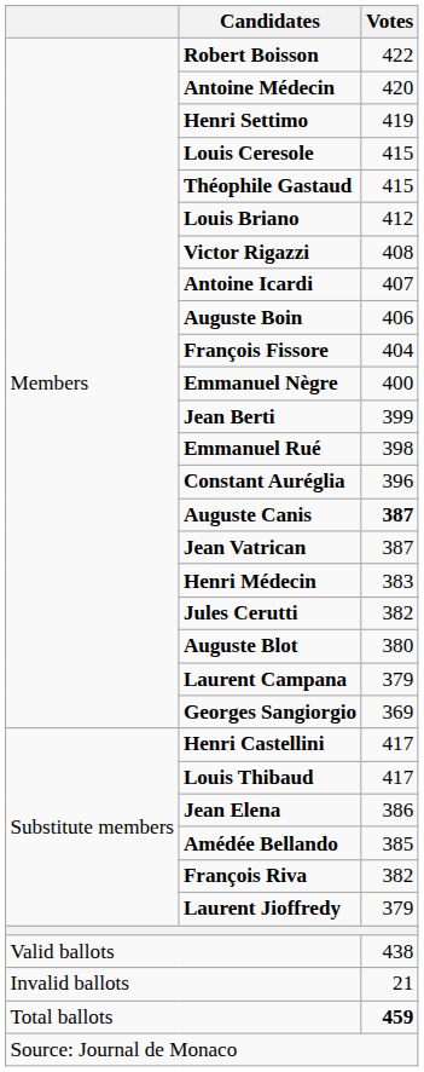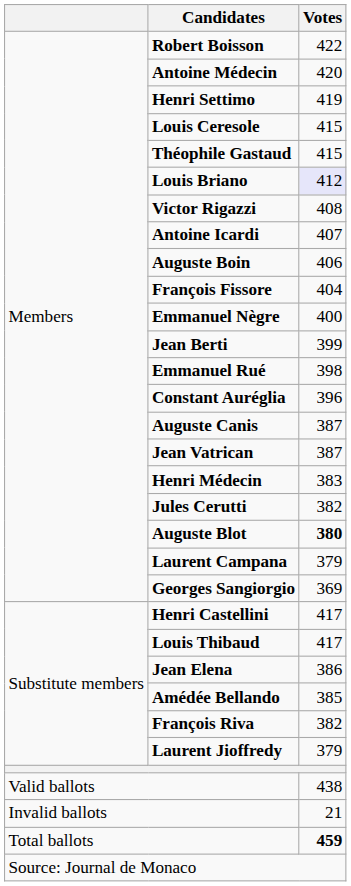 <table class="wikitable" style="text-align:right">
 <tr>
 <th></th>
 <th>Candidates</th>
 <th>Votes</th>
 </tr>
 <tr>
 <td rowspan=21 align=left>Members</td>
 <td align=left><strong>Robert Boisson</strong></td>
 <td>422</td>
 </tr>
 <tr>
 <td align=left><strong>Antoine Médecin</strong></td>
 <td>420</td>
 </tr>
 <tr>
 <td align=left><strong>Henri Settimo</strong></td>
 <td>419</td>
 </tr>
 <tr>
 <td align=left><strong>Louis Ceresole</strong></td>
 <td>415</td>
 </tr>
 <tr>
 <td align=left><strong>Théophile Gastaud</strong></td>
 <td>415</td>
 </tr>
 <tr>
 <td align=left><strong>Louis Briano</strong></td>
-<td>412</td>
+<td style="background: lavender;">412</td>
 </tr>
 <tr>
 <td align=left><strong>Victor Rigazzi</strong></td>
 <td>408</td>
 </tr>
 <tr>
 <td align=left><strong>Antoine Icardi</strong></td>
 <td>407</td>
 </tr>
 <tr>
 <td align=left><strong>Auguste Boin</strong></td>
 <td>406</td>
 </tr>
 <tr>
 <td align=left><strong>François Fissore</strong></td>
 <td>404</td>
 </tr>
 <tr>
 <td align=left><strong>Emmanuel Nègre</strong></td>
 <td>400</td>
 </tr>
 <tr>
 <td align=left><strong>Jean Berti</strong></td>
 <td>399</td>
 </tr>
 <tr>
 <td align=left><strong>Emmanuel Rué</strong></td>
 <td>398</td>
 </tr>
 <tr>
 <td align=left><strong>Constant Auréglia</strong></td>
 <td>396</td>
 </tr>
 <tr>
 <td align=left><strong>Auguste Canis</strong></td>
-<td><strong>387</strong></td>
+<td>387</td>
 </tr>
 <tr>
 <td align=left><strong>Jean Vatrican</strong></td>
 <td>387</td>
 </tr>
 <tr>
 <td align=left><strong>Henri Médecin</strong></td>
 <td>383</td>
 </tr>
 <tr>
 <td align=left><strong>Jules Cerutti</strong></td>
 <td>382</td>
 </tr>
 <tr>
 <td align=left><strong>Auguste Blot</strong></td>
-<td>380</td>
+<td><strong>380</strong></td>
 </tr>
 <tr>
 <td align=left><strong>Laurent Campana</strong></td>
 <td>379</td>
 </tr>
 <tr>
 <td align=left><strong>Georges Sangiorgio</strong></td>
 <td>369</td>
 </tr>
 <tr>
 <td rowspan=6 align=left>Substitute members</td>
 <td align=left><strong>Henri Castellini</strong></td>
 <td>417</td>
 </tr>
 <tr>
 <td align=left><strong>Louis Thibaud</strong></td>
 <td>417</td>
 </tr>
 <tr>
 <td align=left><strong>Jean Elena</strong></td>
 <td>386</td>
 </tr>
 <tr>
 <td align=left><strong>Amédée Bellando</strong></td>
 <td>385</td>
 </tr>
 <tr>
 <td align=left><strong>François Riva</strong></td>
 <td>382</td>
 </tr>
 <tr>
 <td align=left><strong>Laurent Jioffredy</strong></td>
 <td>379</td>
 </tr>
 <tr>
 <th colspan=3></th>
 </tr>
 <tr>
 <td colspan=2 align=left>Valid ballots</td>
 <td>438</td>
 </tr>
 <tr>
 <td colspan=2 align=left>Invalid ballots</td>
 <td>21</td>
 </tr>
 <tr>
 <td colspan=2 align=left>Total ballots</td>
 <td><strong>459</strong></td>
 </tr>
 <tr>
 <td colspan=3 align=left>Source: Journal de Monaco</td>
 </tr>
 </table>
